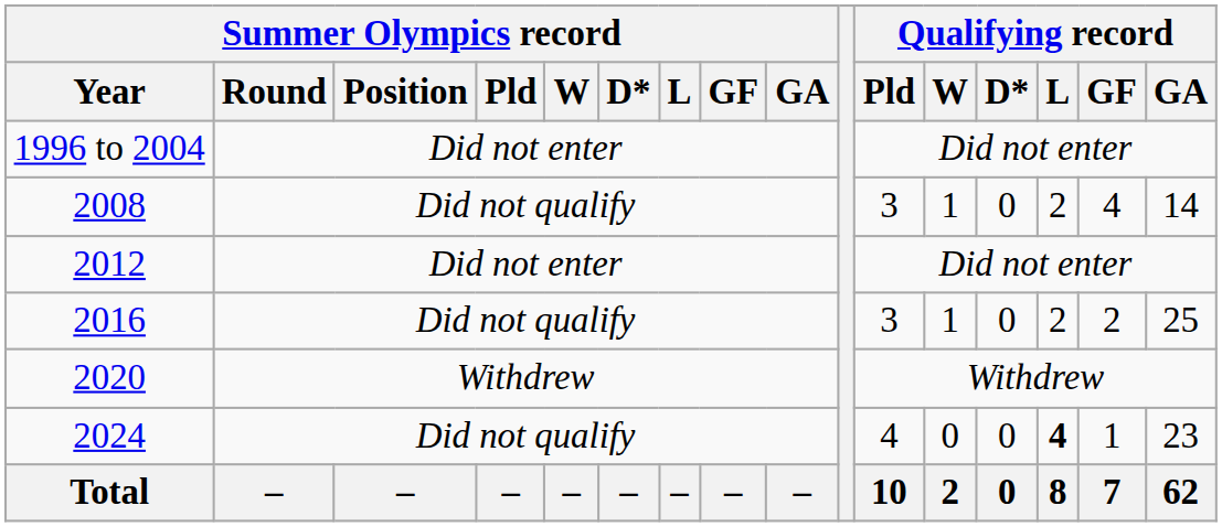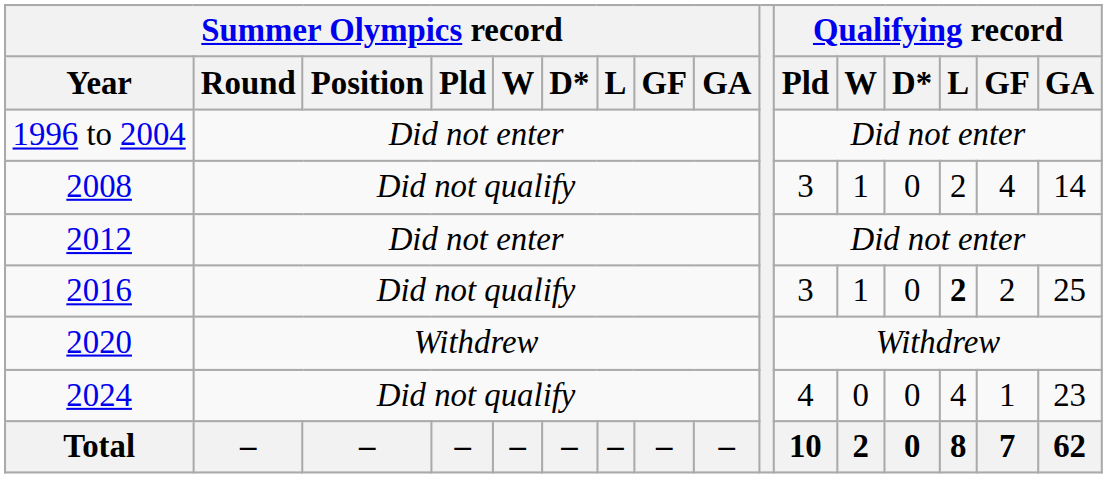 <table class="wikitable" style="text-align: center;">
 <tr>
 <th colspan=9><a href='#'>Summer Olympics</a> record</th>
 <th rowspan=12></th>
 <th colspan=6><a href='#'>Qualifying</a> record</th>
 </tr>
 <tr>
 <th>Year</th>
 <th>Round</th>
 <th>Position</th>
 <th>Pld</th>
 <th>W</th>
 <th>D*</th>
 <th>L</th>
 <th>GF</th>
 <th>GA</th>
 <th>Pld</th>
 <th>W</th>
 <th>D*</th>
 <th>L</th>
 <th>GF</th>
 <th>GA</th>
 </tr>
 <tr>
 <td> <a href='#'>1996</a> to  <a href='#'>2004</a></td>
 <td colspan=8><em>Did not enter</em></td>
 <td colspan=6><em>Did not enter</em></td>
 </tr>
 <tr>
 <td> <a href='#'>2008</a></td>
 <td colspan=8><em>Did not qualify</em></td>
 <td>3</td>
 <td>1</td>
 <td>0</td>
 <td>2</td>
 <td>4</td>
 <td>14</td>
 </tr>
 <tr>
 <td> <a href='#'>2012</a></td>
 <td colspan=8><em>Did not enter</em></td>
 <td colspan=6><em>Did not enter</em></td>
 </tr>
 <tr>
 <td> <a href='#'>2016</a></td>
 <td colspan=8><em>Did not qualify</em></td>
 <td>3</td>
 <td>1</td>
 <td>0</td>
-<td>2</td>
+<td><strong>2</strong></td>
 <td>2</td>
 <td>25</td>
 </tr>
 <tr>
 <td> <a href='#'>2020</a></td>
 <td colspan=8><em>Withdrew</em></td>
 <td colspan=6><em>Withdrew</em></td>
 </tr>
 <tr>
 <td> <a href='#'>2024</a></td>
 <td colspan=8><em>Did not qualify</em></td>
 <td>4</td>
 <td>0</td>
 <td>0</td>
-<td><strong>4</strong></td>
+<td>4</td>
 <td>1</td>
 <td>23</td>
 </tr>
 <tr>
 <th>Total</th>
 <th>–</th>
 <th>–</th>
 <th>–</th>
 <th>–</th>
 <th>–</th>
 <th>–</th>
 <th>–</th>
 <th>–</th>
 <th>10</th>
 <th>2</th>
 <th>0</th>
 <th>8</th>
 <th>7</th>
 <th>62</th>
 </tr>
 </table>
